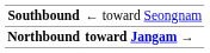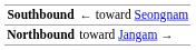 <table border="1" cellspacing="0" cellpadding="3" frame="hsides" rules="rows">
 <tr>
 <th><span>Southbound</span></th>
 <td>←  toward <a href='#'>Seongnam</a></td>
 </tr>
 <tr>
 <th><span>Northbound</span></th>
-<td><strong>  toward <a href='#'>Jangam</a> →</strong></td>
+<td>  toward <a href='#'>Jangam</a> →</td>
 </tr>
 </table>
